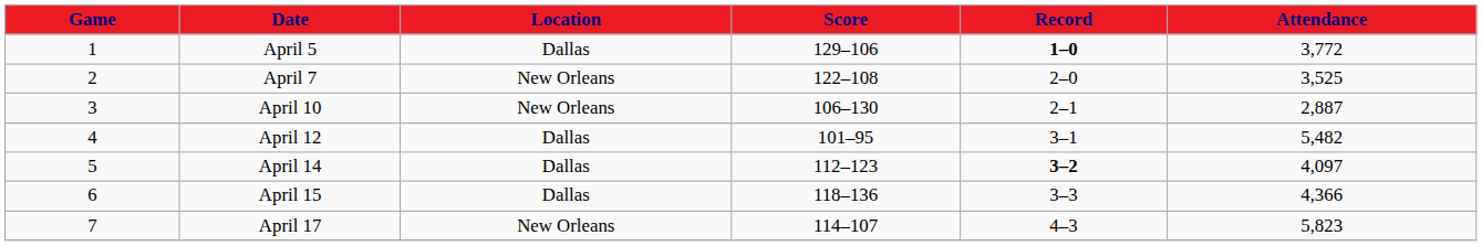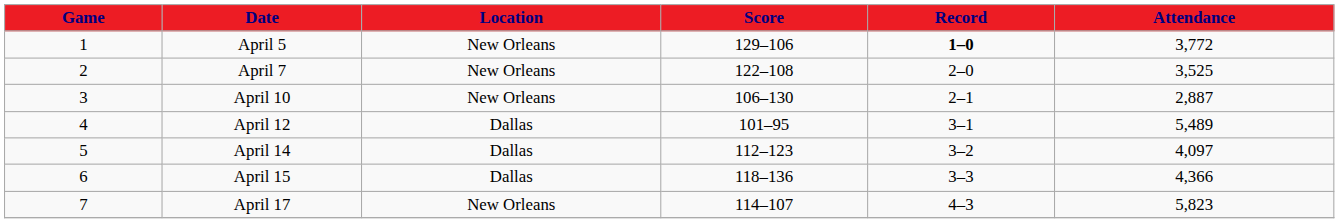 <table class="wikitable" width="80%">
 <tr align="center" style="background:#ED1C24;color:#000080">
 <td><strong>Game</strong></td>
 <td><strong>Date</strong></td>
 <td><strong>Location</strong></td>
 <td><strong>Score</strong></td>
 <td><strong>Record</strong></td>
 <td><strong>Attendance</strong></td>
 </tr>
 <tr align="center" bgcolor="">
 <td>1</td>
 <td>April 5</td>
-<td>Dallas</td>
+<td>New Orleans</td>
 <td>129–106</td>
 <td><strong>1–0</strong></td>
 <td>3,772</td>
 </tr>
 <tr align="center" bgcolor="">
 <td>2</td>
 <td>April 7</td>
 <td>New Orleans</td>
 <td>122–108</td>
 <td>2–0</td>
 <td>3,525</td>
 </tr>
 <tr align="center" bgcolor="">
 <td>3</td>
 <td>April 10</td>
 <td>New Orleans</td>
 <td>106–130</td>
 <td>2–1</td>
 <td>2,887</td>
 </tr>
 <tr align="center" bgcolor="">
 <td>4</td>
 <td>April 12</td>
 <td>Dallas</td>
 <td>101–95</td>
 <td>3–1</td>
-<td>5,482</td>
+<td>5,489</td>
 </tr>
 <tr align="center" bgcolor="">
 <td>5</td>
 <td>April 14</td>
 <td>Dallas</td>
 <td>112–123</td>
-<td><strong>3–2</strong></td>
+<td>3–2</td>
 <td>4,097</td>
 </tr>
 <tr align="center" bgcolor="">
 <td>6</td>
 <td>April 15</td>
 <td>Dallas</td>
 <td>118–136</td>
 <td>3–3</td>
 <td>4,366</td>
 </tr>
 <tr align="center" bgcolor="">
 <td>7</td>
 <td>April 17</td>
 <td>New Orleans</td>
 <td>114–107</td>
 <td>4–3</td>
 <td>5,823</td>
 </tr>
 <tr align="center" bgcolor="">
 </tr>
 </table>
